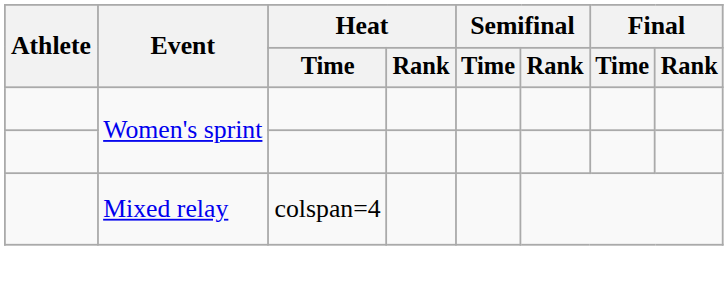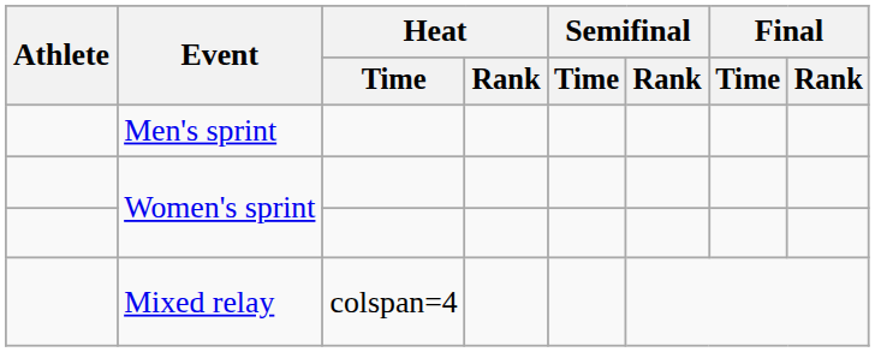 <table class="wikitable" style="font-size: 90%; text-align:center">
 <tr>
 <th rowspan=2>Athlete</th>
 <th rowspan=2>Event</th>
 <th colspan=2>Heat</th>
 <th colspan=2>Semifinal</th>
 <th colspan=2>Final</th>
 </tr>
 <tr style="font-size:95%">
 <th>Time</th>
 <th>Rank</th>
 <th>Time</th>
 <th>Rank</th>
 <th>Time</th>
 <th>Rank</th>
+</tr>
+<tr>
+<td align=left></td>
+<td align=left><a href='#'>Men's sprint</a></td>
+<td></td>
+<td></td>
+<td></td>
+<td></td>
+<td></td>
+<td></td>
 </tr>
 <tr>
 <td align=left> </td>
 <td rowspan=2 align=left><a href='#'>Women's sprint</a></td>
 <td></td>
 <td></td>
 <td></td>
 <td></td>
 <td></td>
 <td></td>
 </tr>
 <tr>
 <td align=left> </td>
 <td></td>
 <td></td>
 <td></td>
 <td></td>
 <td></td>
 <td></td>
 </tr>
 <tr>
 <td align=left> <br> </td>
 <td align=left><a href='#'>Mixed relay</a></td>
 <td>colspan=4 </td>
 <td></td>
 <td></td>
 </tr>
 </table>
